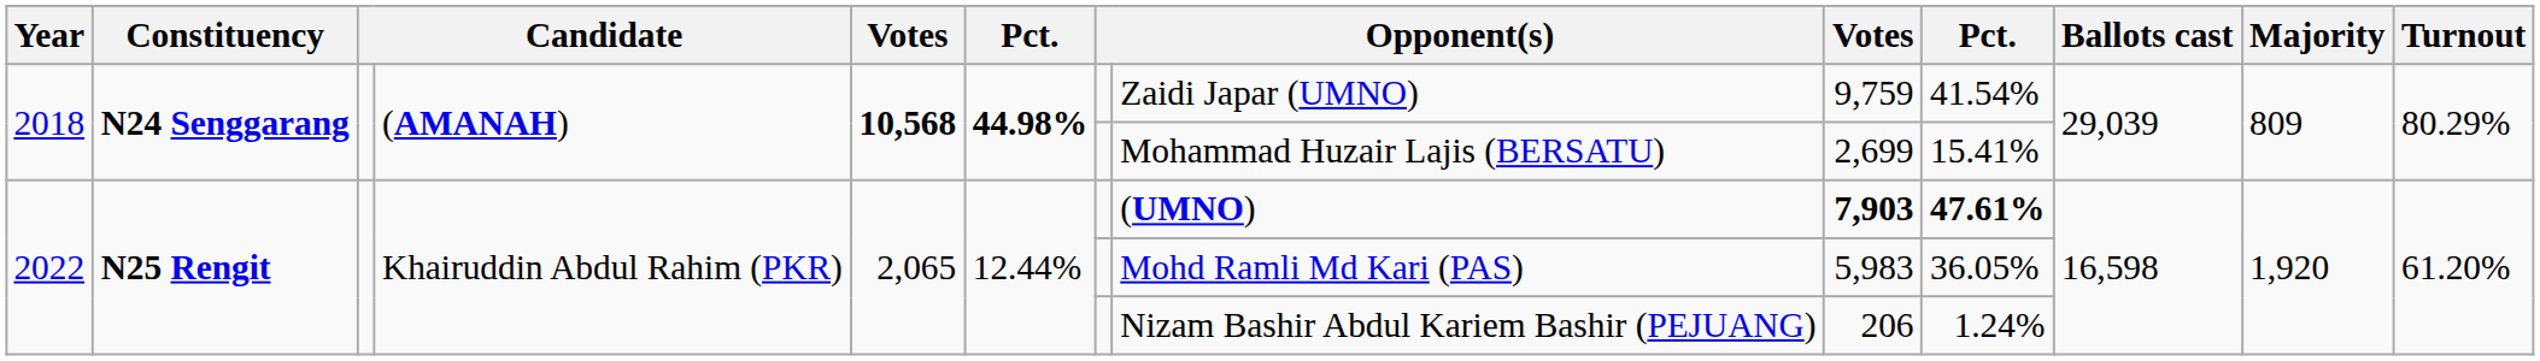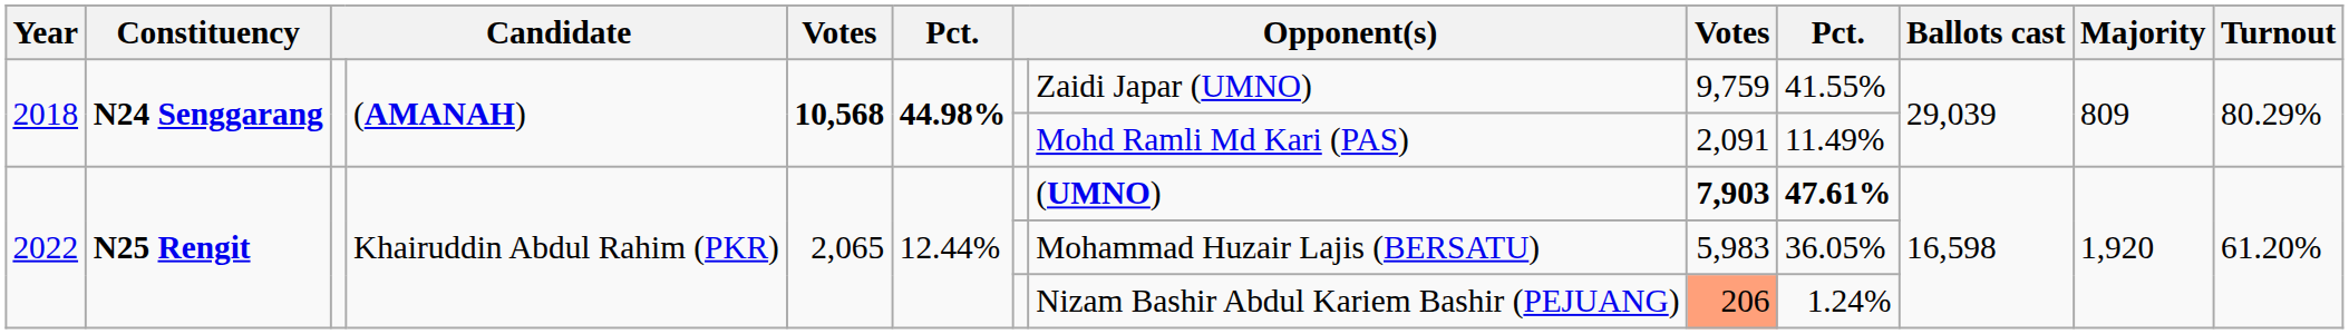 <table class="wikitable" style="margin:0.5em ; font-size:95%">
 <tr>
 <th>Year</th>
 <th>Constituency</th>
 <th colspan="2">Candidate</th>
 <th>Votes</th>
 <th>Pct.</th>
 <th colspan="2">Opponent(s)</th>
 <th>Votes</th>
 <th>Pct.</th>
 <th>Ballots cast</th>
 <th>Majority</th>
 <th>Turnout</th>
 </tr>
 <tr>
 <td rowspan="2"><a href='#'>2018</a></td>
 <td rowspan="2"><strong>N24 <a href='#'>Senggarang</a></strong></td>
 <td rowspan="2" ></td>
 <td rowspan="2"> (<a href='#'><strong>AMANAH</strong></a>)</td>
 <td rowspan="2" align=right><strong>10,568</strong></td>
 <td rowspan="2"><strong>44.98%</strong></td>
 <td></td>
 <td>Zaidi Japar (<a href='#'>UMNO</a>)</td>
 <td style="text-align:right;">9,759</td>
-<td>41.54%</td>
+<td>41.55%</td>
 <td rowspan="2">29,039</td>
 <td rowspan="2">809</td>
 <td rowspan="2">80.29%</td>
 </tr>
 <tr>
 <td></td>
-<td>Mohammad Huzair Lajis (<a href='#'>BERSATU</a>)</td>
-<td align=right>2,699</td>
-<td>15.41%</td>
+<td><a href='#'>Mohd Ramli Md Kari</a> (<a href='#'>PAS</a>)</td>
+<td align=right>2,091</td>
+<td>11.49%</td>
 </tr>
 <tr>
 <td rowspan="3"><a href='#'>2022</a></td>
 <td rowspan="3"><strong>N25 <a href='#'>Rengit</a></strong></td>
 <td rowspan="3" ></td>
 <td rowspan="3">Khairuddin Abdul Rahim (<a href='#'>PKR</a>)</td>
 <td rowspan="3" align=right>2,065</td>
 <td rowspan="3">12.44%</td>
 <td></td>
 <td> (<a href='#'><strong>UMNO</strong></a>)</td>
 <td align=right><strong>7,903</strong></td>
 <td><strong>47.61%</strong></td>
 <td rowspan="3">16,598</td>
 <td rowspan="3">1,920</td>
 <td rowspan="3">61.20%</td>
 </tr>
 <tr>
 <td></td>
-<td><a href='#'>Mohd Ramli Md Kari</a> (<a href='#'>PAS</a>)</td>
+<td>Mohammad Huzair Lajis (<a href='#'>BERSATU</a>)</td>
 <td align=right>5,983</td>
 <td>36.05%</td>
 </tr>
 <tr>
 <td></td>
 <td>Nizam Bashir Abdul Kariem Bashir (<a href='#'>PEJUANG</a>)</td>
-<td align=right>206</td>
+<td align=right style="background: lightsalmon;">206</td>
 <td align=right>1.24%</td>
 </tr>
 </table>
